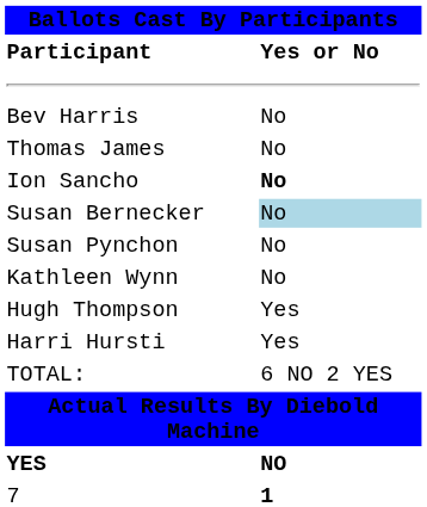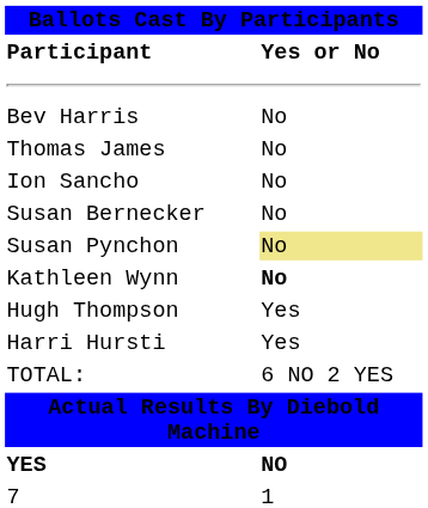 <table class="toccolours" style="float: right; margin-left: 1em;" width="250px">
 <tr>
 <th colspan="2" style="text-align: center; background:blue"><span><strong>Ballots Cast By Participants</strong></span></th>
 </tr>
 <tr>
 <td><strong>Participant</strong></td>
 <td><strong>Yes or No</strong></td>
 </tr>
 <tr>
 <td colspan="3"><hr></td>
 </tr>
 <tr>
 <td>Bev Harris</td>
 <td>No</td>
 </tr>
 <tr>
 <td>Thomas James</td>
 <td>No</td>
 </tr>
 <tr>
 <td>Ion Sancho</td>
-<td><strong>No</strong></td>
+<td>No</td>
 </tr>
 <tr>
 <td>Susan Bernecker</td>
-<td style="background: lightblue;">No</td>
+<td>No</td>
 </tr>
 <tr>
 <td>Susan Pynchon</td>
-<td>No</td>
+<td style="background: khaki;">No</td>
 </tr>
 <tr>
 <td>Kathleen Wynn</td>
-<td>No</td>
+<td><strong>No</strong></td>
 </tr>
 <tr>
 <td>Hugh Thompson</td>
 <td>Yes</td>
 </tr>
 <tr>
 <td>Harri Hursti</td>
 <td>Yes</td>
 </tr>
 <tr>
 <td>TOTAL:</td>
 <td>6 NO  2 YES</td>
 </tr>
 <tr>
 <th colspan="2" style="text-align: center; background:blue"><span><strong>Actual Results By Diebold Machine</strong></span></th>
 </tr>
 <tr>
 <td><strong>YES</strong></td>
 <td><strong>NO</strong></td>
 </tr>
 <tr>
 <td>7</td>
-<td><strong>1</strong></td>
+<td>1</td>
 </tr>
 </table>
